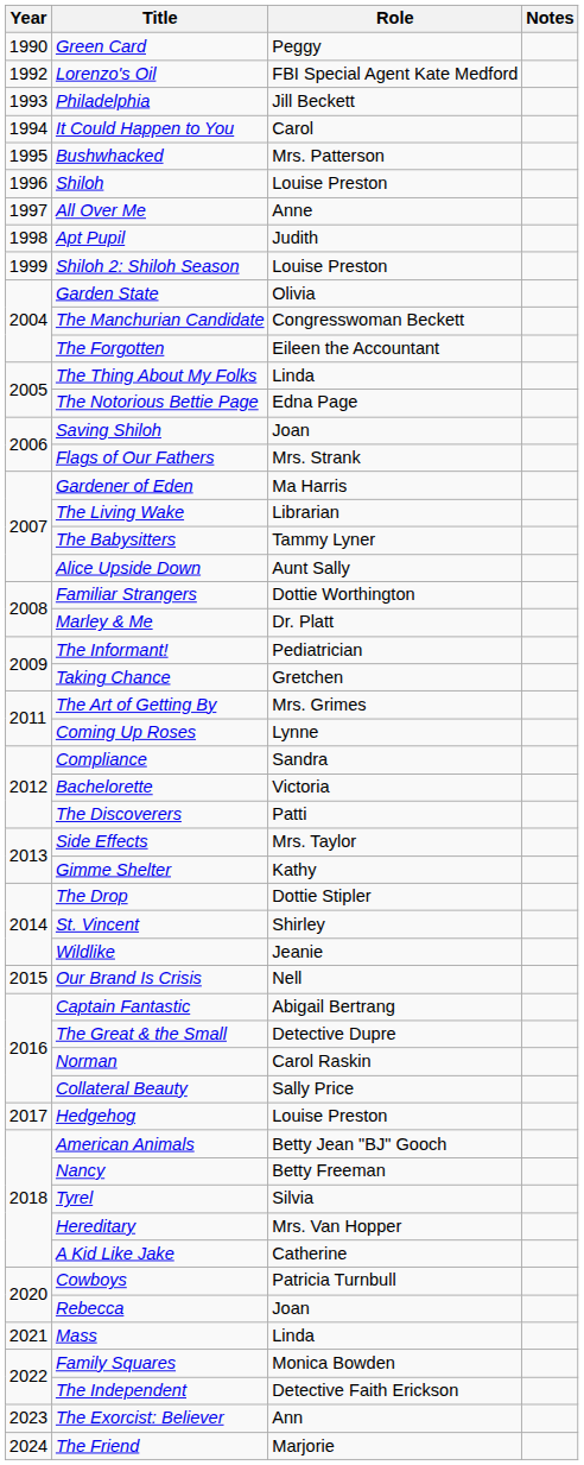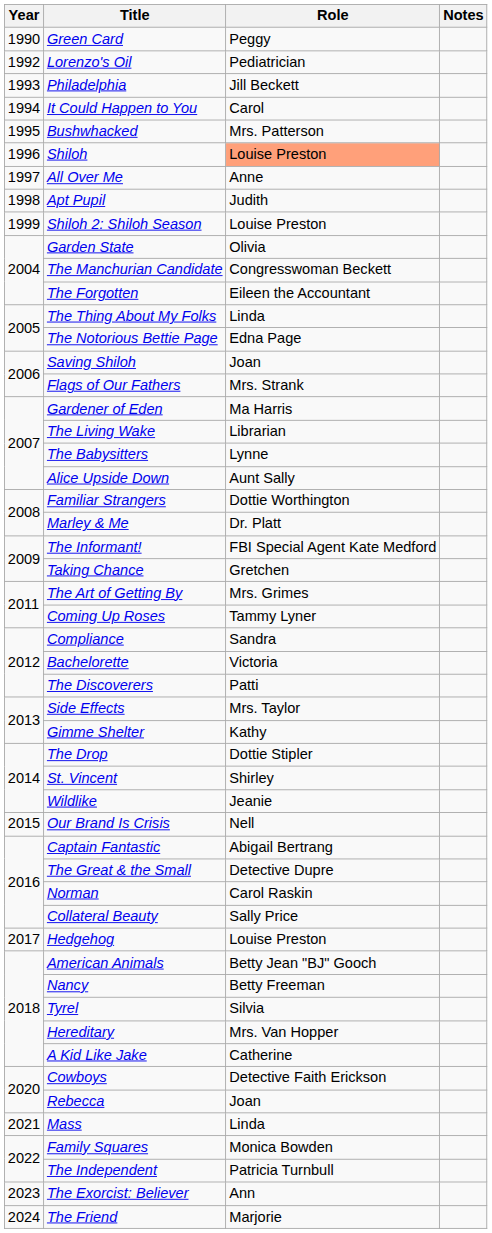 <table class="wikitable sortable">
 <tr>
 <th>Year</th>
 <th>Title</th>
 <th>Role</th>
 <th class="unsortable">Notes</th>
 </tr>
 <tr>
 <td>1990</td>
 <td><em><a href='#'>Green Card</a></em></td>
 <td>Peggy</td>
 <td></td>
 </tr>
 <tr>
 <td>1992</td>
 <td><em><a href='#'>Lorenzo's Oil</a></em></td>
-<td>FBI Special Agent Kate Medford</td>
+<td>Pediatrician</td>
 <td></td>
 </tr>
 <tr>
 <td>1993</td>
 <td><em><a href='#'>Philadelphia</a></em></td>
 <td>Jill Beckett</td>
 <td></td>
 </tr>
 <tr>
 <td>1994</td>
 <td><em><a href='#'>It Could Happen to You</a></em></td>
 <td>Carol</td>
 <td></td>
 </tr>
 <tr>
 <td>1995</td>
 <td><em><a href='#'>Bushwhacked</a></em></td>
 <td>Mrs. Patterson</td>
 <td></td>
 </tr>
 <tr>
 <td>1996</td>
 <td><em><a href='#'>Shiloh</a></em></td>
-<td>Louise Preston</td>
+<td style="background: lightsalmon;">Louise Preston</td>
 <td></td>
 </tr>
 <tr>
 <td>1997</td>
 <td><em><a href='#'>All Over Me</a></em></td>
 <td>Anne</td>
 <td></td>
 </tr>
 <tr>
 <td>1998</td>
 <td><em><a href='#'>Apt Pupil</a></em></td>
 <td>Judith</td>
 <td></td>
 </tr>
 <tr>
 <td>1999</td>
 <td><em><a href='#'>Shiloh 2: Shiloh Season</a></em></td>
 <td>Louise Preston</td>
 <td></td>
 </tr>
 <tr>
 <td rowspan=3>2004</td>
 <td><em><a href='#'>Garden State</a></em></td>
 <td>Olivia</td>
 <td></td>
 </tr>
 <tr>
 <td data-sort-value="Manchurian Candidate, The"><em><a href='#'>The Manchurian Candidate</a></em></td>
 <td>Congresswoman Beckett</td>
 <td></td>
 </tr>
 <tr>
 <td data-sort-value="Forgotten, The"><em><a href='#'>The Forgotten</a></em></td>
 <td>Eileen the Accountant</td>
 <td></td>
 </tr>
 <tr>
 <td rowspan=2>2005</td>
 <td data-sort-value="Thing About My Folks, The"><em><a href='#'>The Thing About My Folks</a></em></td>
 <td>Linda</td>
 <td></td>
 </tr>
 <tr>
 <td data-sort-value="Notorious Bettie Page, The"><em><a href='#'>The Notorious Bettie Page</a></em></td>
 <td>Edna Page</td>
 <td></td>
 </tr>
 <tr>
 <td rowspan=2>2006</td>
 <td><em><a href='#'>Saving Shiloh</a></em></td>
 <td>Joan</td>
 <td></td>
 </tr>
 <tr>
 <td><em><a href='#'>Flags of Our Fathers</a></em></td>
 <td>Mrs. Strank</td>
 <td></td>
 </tr>
 <tr>
 <td rowspan=4>2007</td>
 <td><em><a href='#'>Gardener of Eden</a></em></td>
 <td>Ma Harris</td>
 <td></td>
 </tr>
 <tr>
 <td data-sort-value="Living Wake, The"><em><a href='#'>The Living Wake</a></em></td>
 <td>Librarian</td>
 <td></td>
 </tr>
 <tr>
 <td data-sort-value="Babysitters, The"><em><a href='#'>The Babysitters</a></em></td>
-<td>Tammy Lyner</td>
+<td>Lynne</td>
 <td></td>
 </tr>
 <tr>
 <td><em><a href='#'>Alice Upside Down</a></em></td>
 <td>Aunt Sally</td>
 <td></td>
 </tr>
 <tr>
 <td rowspan=2>2008</td>
 <td><em><a href='#'>Familiar Strangers</a></em></td>
 <td>Dottie Worthington</td>
 <td></td>
 </tr>
 <tr>
 <td><em><a href='#'>Marley & Me</a></em></td>
 <td>Dr. Platt</td>
 <td></td>
 </tr>
 <tr>
 <td rowspan=2>2009</td>
 <td data-sort-value="Informant!, The"><em><a href='#'>The Informant!</a></em></td>
-<td>Pediatrician</td>
+<td>FBI Special Agent Kate Medford</td>
 <td></td>
 </tr>
 <tr>
 <td><em><a href='#'>Taking Chance</a></em></td>
 <td>Gretchen</td>
 <td></td>
 </tr>
 <tr>
 <td rowspan=2>2011</td>
 <td data-sort-value="Art of Getting By, The"><em><a href='#'>The Art of Getting By</a></em></td>
 <td>Mrs. Grimes</td>
 <td></td>
 </tr>
 <tr>
 <td><em><a href='#'>Coming Up Roses</a></em></td>
-<td>Lynne</td>
+<td>Tammy Lyner</td>
 <td></td>
 </tr>
 <tr>
 <td rowspan=3>2012</td>
 <td><em><a href='#'>Compliance</a></em></td>
 <td>Sandra</td>
 <td></td>
 </tr>
 <tr>
 <td><em><a href='#'>Bachelorette</a></em></td>
 <td>Victoria</td>
 <td></td>
 </tr>
 <tr>
 <td data-sort-value="Discoverers, The"><em><a href='#'>The Discoverers</a></em></td>
 <td>Patti</td>
 <td></td>
 </tr>
 <tr>
 <td rowspan=2>2013</td>
 <td><em><a href='#'>Side Effects</a></em></td>
 <td>Mrs. Taylor</td>
 <td></td>
 </tr>
 <tr>
 <td><em><a href='#'>Gimme Shelter</a></em></td>
 <td>Kathy</td>
 <td></td>
 </tr>
 <tr>
 <td rowspan=3>2014</td>
 <td data-sort-value="Drop, The"><em><a href='#'>The Drop</a></em></td>
 <td>Dottie Stipler</td>
 <td></td>
 </tr>
 <tr>
 <td><em><a href='#'>St. Vincent</a></em></td>
 <td>Shirley</td>
 <td></td>
 </tr>
 <tr>
 <td><em><a href='#'>Wildlike</a></em></td>
 <td>Jeanie</td>
 <td></td>
 </tr>
 <tr>
 <td>2015</td>
 <td><em><a href='#'>Our Brand Is Crisis</a></em></td>
 <td>Nell</td>
 <td></td>
 </tr>
 <tr>
 <td rowspan=4>2016</td>
 <td><em><a href='#'>Captain Fantastic</a></em></td>
 <td>Abigail Bertrang</td>
 <td></td>
 </tr>
 <tr>
 <td data-sort-value="Great & the Small, The"><em><a href='#'>The Great & the Small</a></em></td>
 <td>Detective Dupre</td>
 <td></td>
 </tr>
 <tr>
 <td><em><a href='#'>Norman</a></em></td>
 <td>Carol Raskin</td>
 <td></td>
 </tr>
 <tr>
 <td><em><a href='#'>Collateral Beauty</a></em></td>
 <td>Sally Price</td>
 <td></td>
 </tr>
 <tr>
 <td>2017</td>
 <td><em><a href='#'>Hedgehog</a></em></td>
 <td>Louise Preston</td>
 <td></td>
 </tr>
 <tr>
 <td rowspan=5>2018</td>
 <td><em><a href='#'>American Animals</a></em></td>
 <td>Betty Jean "BJ" Gooch</td>
 <td></td>
 </tr>
 <tr>
 <td><em><a href='#'>Nancy</a></em></td>
 <td>Betty Freeman</td>
 <td></td>
 </tr>
 <tr>
 <td><em><a href='#'>Tyrel</a></em></td>
 <td>Silvia</td>
 <td></td>
 </tr>
 <tr>
 <td><em><a href='#'>Hereditary</a></em></td>
 <td>Mrs. Van Hopper</td>
 <td></td>
 </tr>
 <tr>
 <td data-sort-value="Kid Like Jake, A"><em><a href='#'>A Kid Like Jake</a></em></td>
 <td>Catherine</td>
 <td></td>
 </tr>
 <tr>
 <td rowspan=2>2020</td>
 <td><em><a href='#'>Cowboys</a></em></td>
-<td>Patricia Turnbull</td>
+<td>Detective Faith Erickson</td>
 <td></td>
 </tr>
 <tr>
 <td><em><a href='#'>Rebecca</a></em></td>
 <td>Joan</td>
 <td></td>
 </tr>
 <tr>
 <td>2021</td>
 <td><em><a href='#'>Mass</a></em></td>
 <td>Linda</td>
 <td></td>
 </tr>
 <tr>
 <td rowspan=2>2022</td>
 <td><em><a href='#'>Family Squares</a></em></td>
 <td>Monica Bowden</td>
 <td></td>
 </tr>
 <tr>
 <td data-sort-value="Independent, The"><em><a href='#'>The Independent</a></em></td>
-<td>Detective Faith Erickson</td>
+<td>Patricia Turnbull</td>
 <td></td>
 </tr>
 <tr>
 <td>2023</td>
 <td data-sort-value="Exorcist: Believer, The"><em><a href='#'>The Exorcist: Believer</a></em></td>
 <td>Ann</td>
 <td></td>
 </tr>
 <tr>
 <td>2024</td>
 <td><em><a href='#'>The Friend</a></em></td>
 <td>Marjorie</td>
 <td></td>
 </tr>
 </table>
